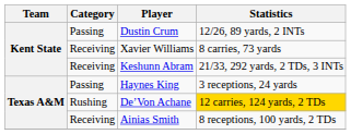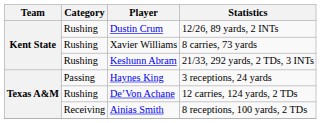 <table class="wikitable" style="float: left;">
 <tr>
 <th>Team</th>
 <th>Category</th>
 <th>Player</th>
 <th>Statistics</th>
 </tr>
 <tr>
 <th rowspan=3>Kent State</th>
-<td>Passing</td>
+<td>Rushing</td>
 <td><a href='#'>Dustin Crum</a></td>
 <td>12/26, 89 yards, 2 INTs</td>
 </tr>
 <tr>
-<td>Receiving</td>
+<td>Rushing</td>
 <td>Xavier Williams</td>
 <td>8 carries, 73 yards</td>
 </tr>
 <tr>
-<td>Receiving</td>
+<td>Rushing</td>
 <td><a href='#'>Keshunn Abram</a></td>
 <td>21/33, 292 yards, 2 TDs, 3 INTs</td>
 </tr>
 <tr>
 <th rowspan=3 style=>Texas A&M</th>
 <td>Passing</td>
 <td><a href='#'>Haynes King</a></td>
 <td>3 receptions, 24 yards</td>
 </tr>
 <tr>
 <td>Rushing</td>
 <td><a href='#'>De’Von Achane</a></td>
-<td style="background: gold;">12 carries, 124 yards, 2 TDs</td>
+<td>12 carries, 124 yards, 2 TDs</td>
 </tr>
 <tr>
 <td>Receiving</td>
 <td><a href='#'>Ainias Smith</a></td>
 <td>8 receptions, 100 yards, 2 TDs</td>
 </tr>
 <tr>
 </tr>
 </table>
